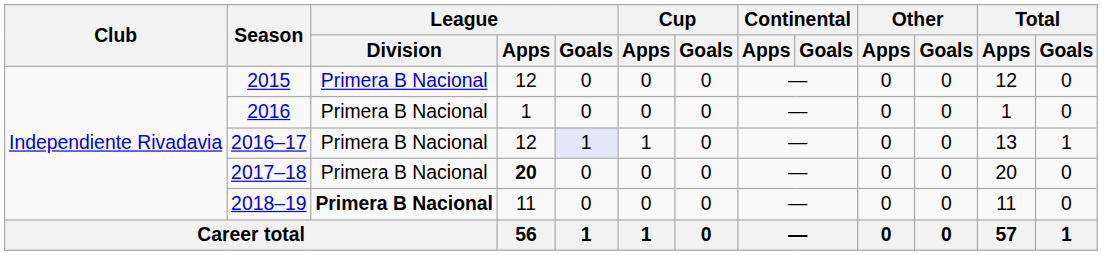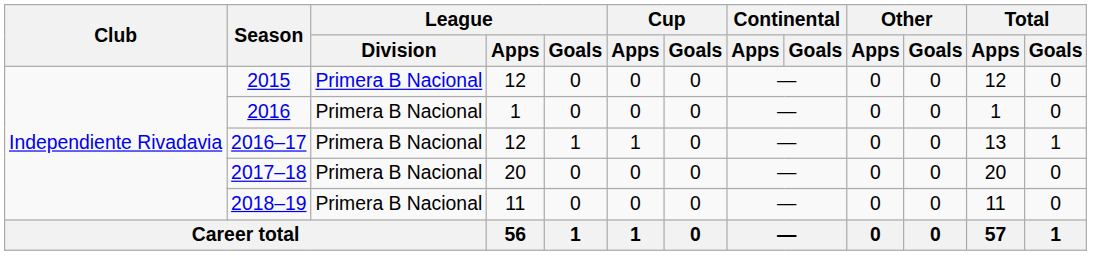 <table class="wikitable" style="text-align:center">
 <tr>
 <th rowspan="2">Club</th>
 <th rowspan="2">Season</th>
 <th colspan="3">League</th>
 <th colspan="2">Cup</th>
 <th colspan="2">Continental</th>
 <th colspan="2">Other</th>
 <th colspan="2">Total</th>
 </tr>
 <tr>
 <th>Division</th>
 <th>Apps</th>
 <th>Goals</th>
 <th>Apps</th>
 <th>Goals</th>
 <th>Apps</th>
 <th>Goals</th>
 <th>Apps</th>
 <th>Goals</th>
 <th>Apps</th>
 <th>Goals</th>
 </tr>
 <tr>
 <td rowspan="5"><a href='#'>Independiente Rivadavia</a></td>
 <td><a href='#'>2015</a></td>
 <td><a href='#'>Primera B Nacional</a></td>
 <td>12</td>
 <td>0</td>
 <td>0</td>
 <td>0</td>
 <td colspan="2">—</td>
 <td>0</td>
 <td>0</td>
 <td>12</td>
 <td>0</td>
 </tr>
 <tr>
 <td><a href='#'>2016</a></td>
 <td>Primera B Nacional</td>
 <td>1</td>
 <td>0</td>
 <td>0</td>
 <td>0</td>
 <td colspan="2">—</td>
 <td>0</td>
 <td>0</td>
 <td>1</td>
 <td>0</td>
 </tr>
 <tr>
 <td><a href='#'>2016–17</a></td>
 <td>Primera B Nacional</td>
 <td>12</td>
-<td style="background: lavender;">1</td>
+<td>1</td>
 <td>1</td>
 <td>0</td>
 <td colspan="2">—</td>
 <td>0</td>
 <td>0</td>
 <td>13</td>
 <td>1</td>
 </tr>
 <tr>
 <td><a href='#'>2017–18</a></td>
 <td>Primera B Nacional</td>
-<td><strong>20</strong></td>
+<td>20</td>
 <td>0</td>
 <td>0</td>
 <td>0</td>
 <td colspan="2">—</td>
 <td>0</td>
 <td>0</td>
 <td>20</td>
 <td>0</td>
 </tr>
 <tr>
 <td><a href='#'>2018–19</a></td>
-<td><strong>Primera B Nacional</strong></td>
+<td>Primera B Nacional</td>
 <td>11</td>
 <td>0</td>
 <td>0</td>
 <td>0</td>
 <td colspan="2">—</td>
 <td>0</td>
 <td>0</td>
 <td>11</td>
 <td>0</td>
 </tr>
 <tr>
 <th colspan="3">Career total</th>
 <th>56</th>
 <th>1</th>
 <th>1</th>
 <th>0</th>
 <th colspan="2">—</th>
 <th>0</th>
 <th>0</th>
 <th>57</th>
 <th>1</th>
 </tr>
 </table>
